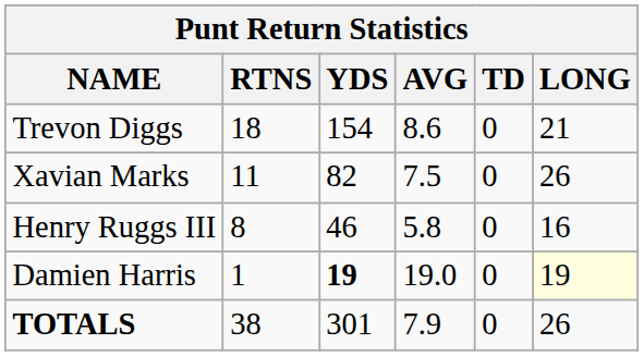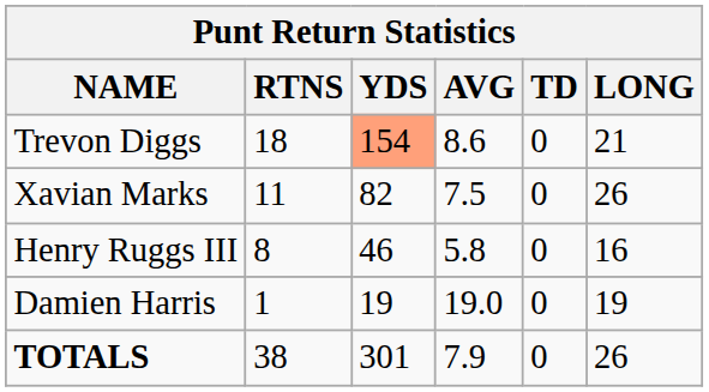 <table class="wikitable sortable collapsible collapsed">
 <tr>
 <th colspan="8">Punt Return Statistics</th>
 </tr>
 <tr>
 <th>NAME</th>
 <th>RTNS</th>
 <th>YDS</th>
 <th>AVG</th>
 <th>TD</th>
 <th>LONG</th>
 </tr>
 <tr>
 <td>Trevon Diggs</td>
 <td>18</td>
-<td>154</td>
+<td style="background: lightsalmon;">154</td>
 <td>8.6</td>
 <td>0</td>
 <td>21</td>
 </tr>
 <tr>
 <td>Xavian Marks</td>
 <td>11</td>
 <td>82</td>
 <td>7.5</td>
 <td>0</td>
 <td>26</td>
 </tr>
 <tr>
 <td>Henry Ruggs III</td>
 <td>8</td>
 <td>46</td>
 <td>5.8</td>
 <td>0</td>
 <td>16</td>
 </tr>
 <tr>
 <td>Damien Harris</td>
 <td>1</td>
-<td><strong>19</strong></td>
+<td>19</td>
 <td>19.0</td>
 <td>0</td>
-<td style="background: lightyellow;">19</td>
+<td>19</td>
 </tr>
 <tr>
 <td><strong>TOTALS</strong></td>
 <td>38</td>
 <td>301</td>
 <td>7.9</td>
 <td>0</td>
 <td>26</td>
 </tr>
 </table>
